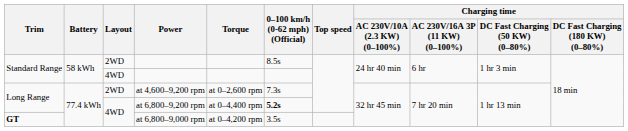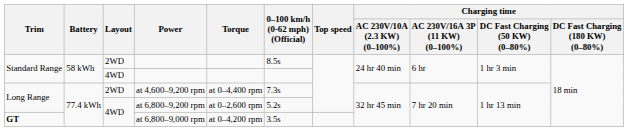 <table class="wikitable collapsible" style="text-align:left; font-size:90%;">
 <tr>
 <th rowspan ="2">Trim</th>
 <th rowspan ="2">Battery</th>
 <th rowspan ="2">Layout</th>
 <th rowspan ="2">Power</th>
 <th rowspan ="2">Torque</th>
 <th rowspan ="2">0–100 km/h<br>(0-62 mph)<br>(Official)</th>
 <th rowspan ="2">Top speed</th>
 <th colspan ="4">Charging time</th>
 </tr>
 <tr>
 <th>AC 230V/10A<br>(2.3 KW)<br>(0–100%)</th>
 <th>AC 230V/16A 3P<br>(11 KW)<br>(0–100%)</th>
 <th>DC Fast Charging<br>(50 KW)<br>(0–80%)</th>
 <th>DC Fast Charging<br>(180 KW)<br>(0–80%)</th>
 </tr>
 <tr>
 <td rowspan="2">Standard Range</td>
 <td rowspan="2">58 kWh</td>
 <td>2WD</td>
 <td></td>
 <td></td>
 <td>8.5s</td>
 <td rowspan=4></td>
 <td rowspan=2>24 hr 40 min</td>
 <td rowspan=2>6 hr</td>
 <td rowspan=2>1 hr 3 min</td>
 <td rowspan=5>18 min</td>
 </tr>
 <tr>
 <td>4WD</td>
 <td></td>
 <td></td>
 <td></td>
 </tr>
 <tr>
 <td rowspan="2">Long Range</td>
 <td rowspan="3">77.4 kWh</td>
 <td>2WD</td>
 <td> at 4,600–9,200 rpm</td>
-<td> at 0–2,600 rpm</td>
+<td> at 0–4,400 rpm</td>
 <td>7.3s</td>
 <td rowspan="3">32 hr 45 min</td>
 <td rowspan="3">7 hr 20 min</td>
 <td rowspan="3">1 hr 13 min</td>
 </tr>
 <tr>
 <td rowspan="2">4WD</td>
 <td> at 6,800–9,200 rpm</td>
-<td> at 0–4,400 rpm</td>
-<td><strong>5.2s</strong></td>
+<td> at 0–2,600 rpm</td>
+<td>5.2s</td>
 </tr>
 <tr>
 <td><strong>GT</strong></td>
 <td> at 6,800–9,000 rpm</td>
 <td> at 0–4,200 rpm</td>
 <td>3.5s</td>
 <td></td>
 </tr>
 </table>
